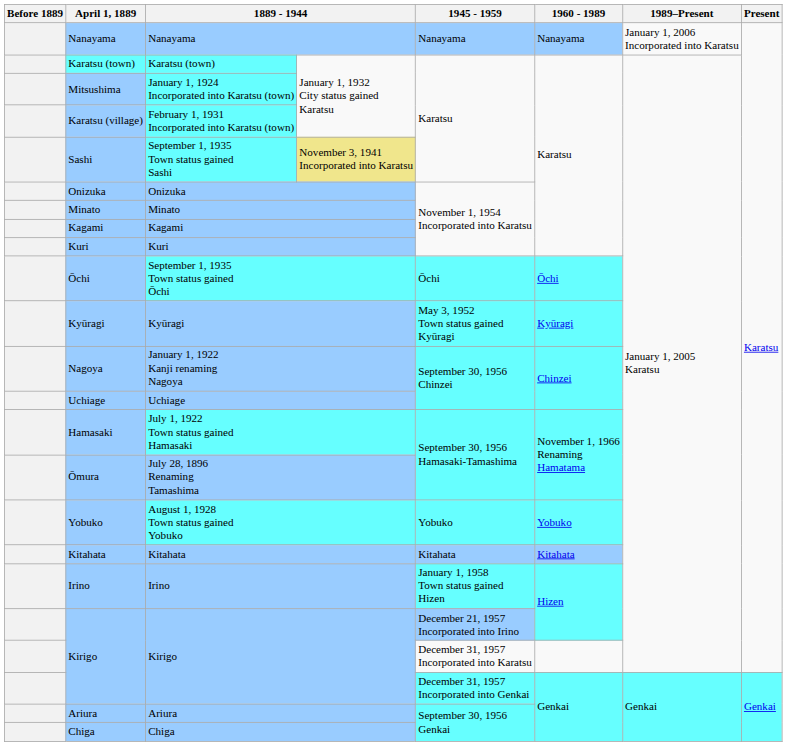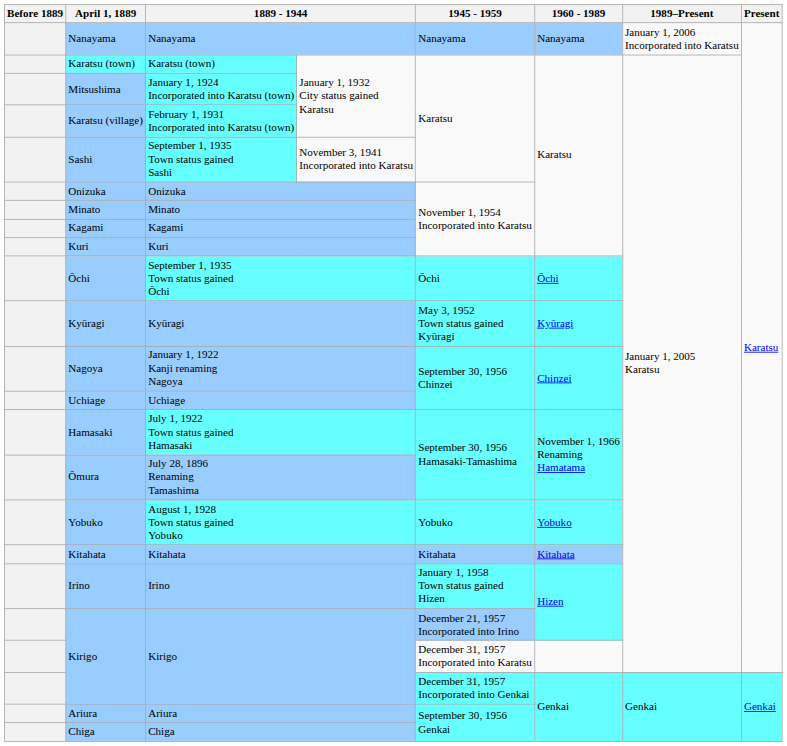 <table class="wikitable" style="font-size:smaller">
 <tr>
 <th>Before 1889</th>
 <th>April 1, 1889</th>
 <th colspan=2>1889 - 1944</th>
 <th>1945 - 1959</th>
 <th>1960 - 1989</th>
 <th>1989–Present</th>
 <th>Present</th>
 </tr>
 <tr>
 <th></th>
 <td bgcolor="#99CCFF">Nanayama</td>
 <td colspan=2 bgcolor="#99CCFF">Nanayama</td>
 <td bgcolor="#99CCFF">Nanayama</td>
 <td bgcolor="#99CCFF">Nanayama</td>
 <td>January 1, 2006<br>Incorporated into Karatsu</td>
 <td rowspan=20><a href='#'>Karatsu</a></td>
 </tr>
 <tr>
 <th></th>
 <td bgcolor="#66FFFF">Karatsu (town)</td>
 <td bgcolor="#66FFFF">Karatsu (town)</td>
 <td rowspan=3>January 1, 1932<br>City status gained<br>Karatsu</td>
 <td rowspan=4>Karatsu</td>
 <td rowspan=8>Karatsu</td>
 <td rowspan=19>January 1, 2005<br>Karatsu</td>
 </tr>
 <tr>
 <th></th>
 <td bgcolor="#99CCFF">Mitsushima</td>
 <td bgcolor="#66FFFF">January 1, 1924<br>Incorporated into Karatsu (town)</td>
 </tr>
 <tr>
 <th></th>
 <td bgcolor="#99CCFF">Karatsu (village)</td>
 <td bgcolor="#66FFFF">February 1, 1931<br>Incorporated into Karatsu (town)</td>
 </tr>
 <tr>
 <th></th>
 <td bgcolor="#99CCFF">Sashi</td>
 <td bgcolor="#66FFFF">September 1, 1935<br>Town status gained<br>Sashi</td>
-<td style="background: khaki;">November 3, 1941<br>Incorporated into Karatsu</td>
+<td>November 3, 1941<br>Incorporated into Karatsu</td>
 </tr>
 <tr>
 <th></th>
 <td bgcolor="#99CCFF">Onizuka</td>
 <td colspan=2 bgcolor="#99CCFF">Onizuka</td>
 <td rowspan=4>November 1, 1954<br>Incorporated into Karatsu</td>
 </tr>
 <tr>
 <th></th>
 <td bgcolor="#99CCFF">Minato</td>
 <td colspan=2 bgcolor="#99CCFF">Minato</td>
 </tr>
 <tr>
 <th></th>
 <td bgcolor="#99CCFF">Kagami</td>
 <td colspan=2 bgcolor="#99CCFF">Kagami</td>
 </tr>
 <tr>
 <th></th>
 <td bgcolor="#99CCFF">Kuri</td>
 <td colspan=2 bgcolor="#99CCFF">Kuri</td>
 </tr>
 <tr>
 <th></th>
 <td bgcolor="#99CCFF">Ōchi</td>
 <td colspan=2 bgcolor="#66FFFF">September 1, 1935<br>Town status gained<br>Ōchi</td>
 <td bgcolor="#66FFFF">Ōchi</td>
 <td bgcolor="#66FFFF"><a href='#'>Ōchi</a></td>
 </tr>
 <tr>
 <th></th>
 <td bgcolor="#99CCFF">Kyūragi</td>
 <td colspan=2 bgcolor="#99CCFF">Kyūragi</td>
 <td bgcolor="#66FFFF">May 3, 1952<br>Town status gained<br>Kyūragi</td>
 <td bgcolor="#66FFFF"><a href='#'>Kyūragi</a></td>
 </tr>
 <tr>
 <th></th>
 <td bgcolor="#99CCFF">Nagoya</td>
 <td colspan=2 bgcolor="#99CCFF">January 1, 1922<br>Kanji renaming<br>Nagoya</td>
 <td rowspan=2 bgcolor="#66FFFF">September 30, 1956<br>Chinzei</td>
 <td rowspan=2 bgcolor="#66FFFF"><a href='#'>Chinzei</a></td>
 </tr>
 <tr>
 <th></th>
 <td bgcolor="#99CCFF">Uchiage</td>
 <td colspan=2 bgcolor="#99CCFF">Uchiage</td>
 </tr>
 <tr>
 <th></th>
 <td bgcolor="#99CCFF">Hamasaki</td>
 <td colspan=2 bgcolor="#66FFFF">July 1, 1922<br>Town status gained<br>Hamasaki</td>
 <td rowspan=2 bgcolor="#66FFFF">September 30, 1956<br>Hamasaki-Tamashima</td>
 <td rowspan=2 bgcolor="#66FFFF">November 1, 1966<br>Renaming<br><a href='#'>Hamatama</a></td>
 </tr>
 <tr>
 <th></th>
 <td bgcolor="#99CCFF">Ōmura</td>
 <td colspan=2 bgcolor="#99CCFF">July 28, 1896<br>Renaming<br>Tamashima</td>
 </tr>
 <tr>
 <th></th>
 <td bgcolor="#99CCFF">Yobuko</td>
 <td colspan=2 bgcolor="#66FFFF">August 1, 1928<br>Town status gained<br>Yobuko</td>
 <td bgcolor="#66FFFF">Yobuko</td>
 <td bgcolor="#66FFFF"><a href='#'>Yobuko</a></td>
 </tr>
 <tr>
 <th></th>
 <td bgcolor="#99CCFF">Kitahata</td>
 <td colspan=2 bgcolor="#99CCFF">Kitahata</td>
 <td bgcolor="#99CCFF">Kitahata</td>
 <td bgcolor="#99CCFF"><a href='#'>Kitahata</a></td>
 </tr>
 <tr>
 <th></th>
 <td bgcolor="#99CCFF">Irino</td>
 <td colspan=2 bgcolor="#99CCFF">Irino</td>
 <td bgcolor="#66FFFF">January 1, 1958<br>Town status gained<br>Hizen</td>
 <td rowspan=2 bgcolor="#66FFFF"><a href='#'>Hizen</a></td>
 </tr>
 <tr>
 <th></th>
 <td rowspan=3 bgcolor="#99CCFF">Kirigo</td>
 <td rowspan=3 colspan=2 bgcolor="#99CCFF">Kirigo</td>
 <td bgcolor="#99CCFF">December 21, 1957<br>Incorporated into Irino</td>
 </tr>
 <tr>
 <th></th>
 <td>December 31, 1957<br>Incorporated into Karatsu</td>
 <td></td>
 </tr>
 <tr>
 <th></th>
 <td bgcolor="#66FFFF">December 31, 1957<br>Incorporated into Genkai</td>
 <td rowspan=3 bgcolor="#66FFFF">Genkai</td>
 <td rowspan=3 bgcolor="#66FFFF">Genkai</td>
 <td rowspan=3 bgcolor="#66FFFF"><a href='#'>Genkai</a></td>
 </tr>
 <tr>
 <th></th>
 <td bgcolor="#99CCFF">Ariura</td>
 <td colspan=2 bgcolor="#99CCFF">Ariura</td>
 <td rowspan=2 bgcolor="#66FFFF">September 30, 1956<br>Genkai</td>
 </tr>
 <tr>
 <th></th>
 <td bgcolor="#99CCFF">Chiga</td>
 <td colspan=2 bgcolor="#99CCFF">Chiga</td>
 </tr>
 </table>
